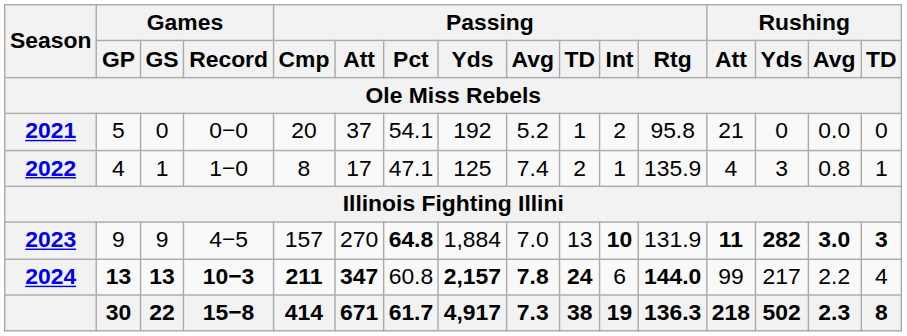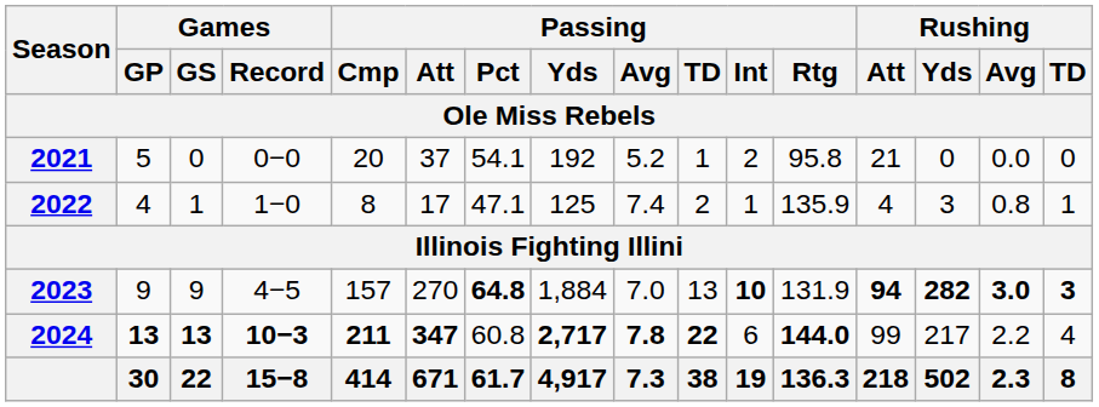 <table class="wikitable" style="text-align:center;">
 <tr>
 <th rowspan="2">Season</th>
 <th colspan="3">Games</th>
 <th colspan="8">Passing</th>
 <th colspan="4">Rushing</th>
 </tr>
 <tr>
 <th>GP</th>
 <th>GS</th>
 <th>Record</th>
 <th>Cmp</th>
 <th>Att</th>
 <th>Pct</th>
 <th>Yds</th>
 <th>Avg</th>
 <th>TD</th>
 <th>Int</th>
 <th>Rtg</th>
 <th>Att</th>
 <th>Yds</th>
 <th>Avg</th>
 <th>TD</th>
 </tr>
 <tr>
 <th colspan="16">Ole Miss Rebels</th>
 </tr>
 <tr>
 <th><a href='#'>2021</a></th>
 <td>5</td>
 <td>0</td>
 <td>0−0</td>
 <td>20</td>
 <td>37</td>
 <td>54.1</td>
 <td>192</td>
 <td>5.2</td>
 <td>1</td>
 <td>2</td>
 <td>95.8</td>
 <td>21</td>
 <td>0</td>
 <td>0.0</td>
 <td>0</td>
 </tr>
 <tr>
 <th><a href='#'>2022</a></th>
 <td>4</td>
 <td>1</td>
 <td>1−0</td>
 <td>8</td>
 <td>17</td>
 <td>47.1</td>
 <td>125</td>
 <td>7.4</td>
 <td>2</td>
 <td>1</td>
 <td>135.9</td>
 <td>4</td>
 <td>3</td>
 <td>0.8</td>
 <td>1</td>
 </tr>
 <tr>
 <th colspan="16">Illinois Fighting Illini</th>
 </tr>
 <tr>
 <th><a href='#'>2023</a></th>
 <td>9</td>
 <td>9</td>
 <td>4−5</td>
 <td>157</td>
 <td>270</td>
 <td><strong>64.8</strong></td>
 <td>1,884</td>
 <td>7.0</td>
 <td>13</td>
 <td><strong>10</strong></td>
 <td>131.9</td>
-<td><strong>11</strong></td>
+<td><strong>94</strong></td>
 <td><strong>282</strong></td>
 <td><strong>3.0</strong></td>
 <td><strong>3</strong></td>
 </tr>
 <tr>
 <th><a href='#'>2024</a></th>
 <td><strong>13</strong></td>
 <td><strong>13</strong></td>
 <td><strong>10−3</strong></td>
 <td><strong>211</strong></td>
 <td><strong>347</strong></td>
 <td>60.8</td>
-<td><strong>2,157</strong></td>
+<td><strong>2,717</strong></td>
 <td><strong>7.8</strong></td>
-<td><strong>24</strong></td>
+<td><strong>22</strong></td>
 <td>6</td>
 <td><strong>144.0</strong></td>
 <td>99</td>
 <td>217</td>
 <td>2.2</td>
 <td>4</td>
 </tr>
 <tr>
 <th colspan="1"></th>
 <th>30</th>
 <th>22</th>
 <th>15−8</th>
 <th>414</th>
 <th>671</th>
 <th>61.7</th>
 <th>4,917</th>
 <th>7.3</th>
 <th>38</th>
 <th>19</th>
 <th>136.3</th>
 <th>218</th>
 <th>502</th>
 <th>2.3</th>
 <th>8</th>
 </tr>
 </table>
